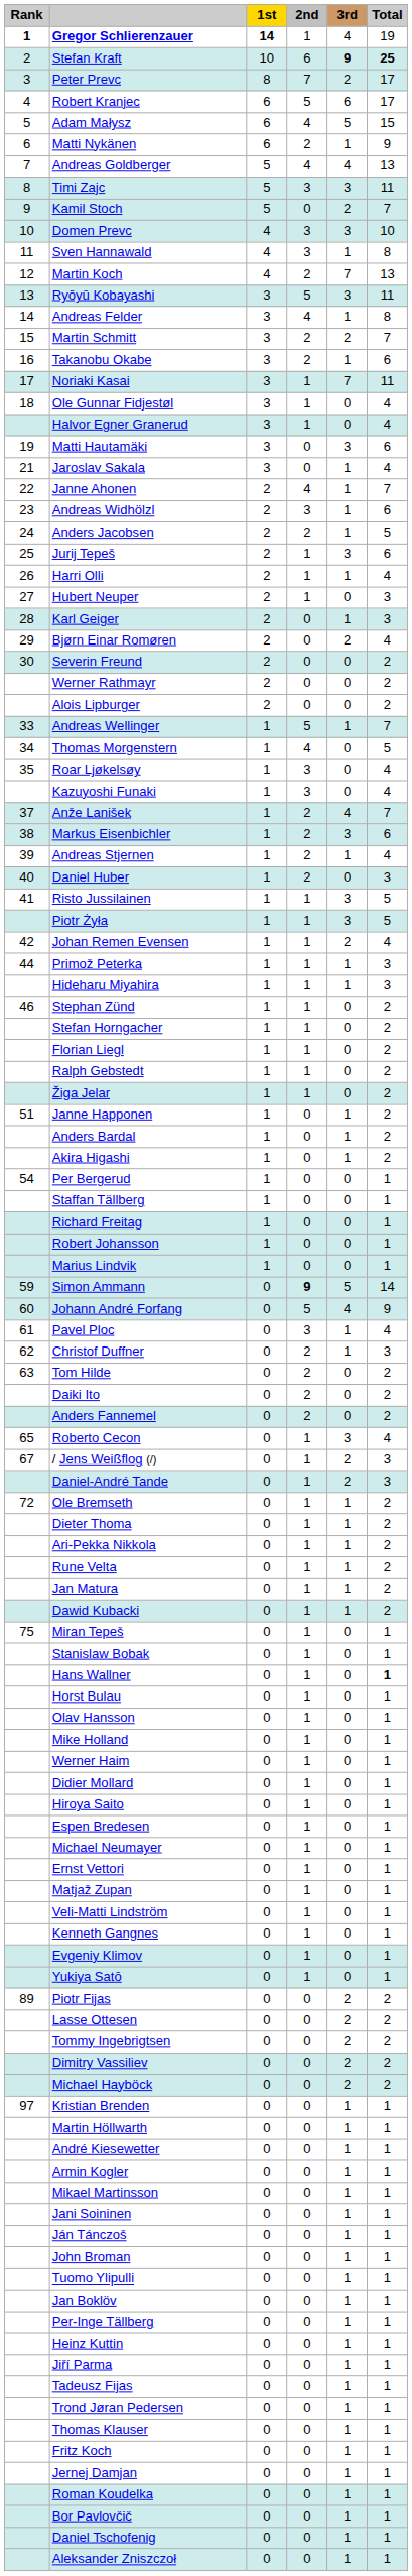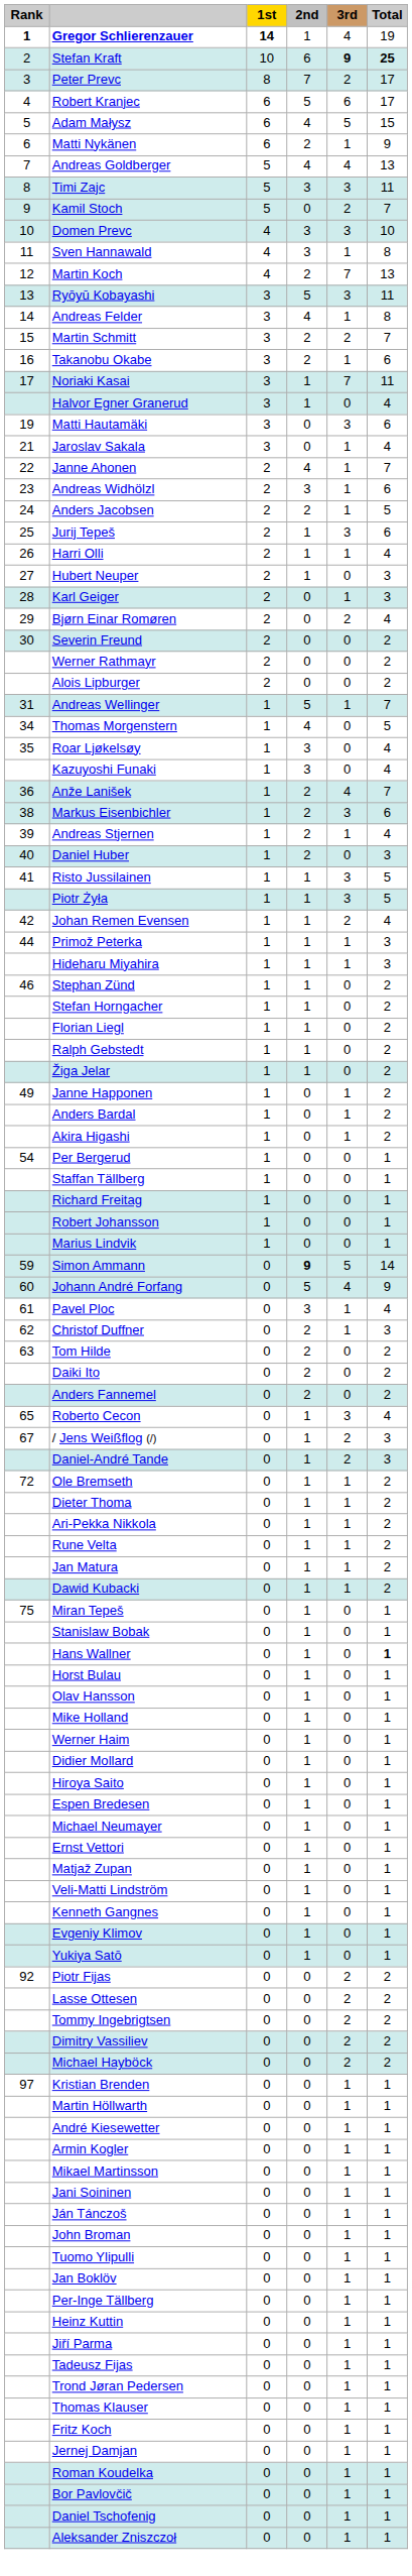 <table class="wikitable plainrowheaders" style="background:#fff; font-size:86%; line-height:16px; border:grey solid 1px; border-collapse:collapse;">
 <tr style="background:#ccc; text-align:center;">
 <th style="background:#ccc;" width="40">Rank</th>
 <th style="background:#ccc;" width="200"></th>
 <th style="background:gold; width:10%">1st</th>
 <th style="background:silver; width:10%">2nd</th>
 <th style="background:#cc9966; width:10%">3rd</th>
 <th style="background:#ccc;" width="35">Total</th>
 </tr>
 <tr style="text-align:center">
 <td><strong>1</strong></td>
 <td style="text-align:left"> <strong><a href='#'>Gregor Schlierenzauer</a></strong></td>
 <td><strong>14</strong></td>
 <td>1</td>
 <td>4</td>
 <td>19</td>
 </tr>
 <tr style="text-align:center; background:#CFECEC">
 <td>2</td>
 <td style="text-align:left"> <a href='#'>Stefan Kraft</a></td>
 <td>10</td>
 <td>6</td>
 <td><strong>9</strong></td>
 <td><strong>25</strong></td>
 </tr>
 <tr style="text-align:center; background:#CFECEC">
 <td>3</td>
 <td style="text-align:left"> <a href='#'>Peter Prevc</a></td>
 <td>8</td>
 <td>7</td>
 <td>2</td>
 <td>17</td>
 </tr>
 <tr style="text-align:center">
 <td>4</td>
 <td style="text-align:left"> <a href='#'>Robert Kranjec</a></td>
 <td>6</td>
 <td>5</td>
 <td>6</td>
 <td>17</td>
 </tr>
 <tr style="text-align:center">
 <td>5</td>
 <td style="text-align:left"> <a href='#'>Adam Małysz</a></td>
 <td>6</td>
 <td>4</td>
 <td>5</td>
 <td>15</td>
 </tr>
 <tr style="text-align:center">
 <td>6</td>
 <td style="text-align:left"> <a href='#'>Matti Nykänen</a></td>
 <td>6</td>
 <td>2</td>
 <td>1</td>
 <td>9</td>
 </tr>
 <tr style="text-align:center">
 <td>7</td>
 <td style="text-align:left"> <a href='#'>Andreas Goldberger</a></td>
 <td>5</td>
 <td>4</td>
 <td>4</td>
 <td>13</td>
 </tr>
 <tr style="text-align:center; background:#CFECEC">
 <td>8</td>
 <td style="text-align:left"> <a href='#'>Timi Zajc</a></td>
 <td>5</td>
 <td>3</td>
 <td>3</td>
 <td>11</td>
 </tr>
 <tr style="text-align:center; background:#CFECEC">
 <td>9</td>
 <td style="text-align:left"> <a href='#'>Kamil Stoch</a></td>
 <td>5</td>
 <td>0</td>
 <td>2</td>
 <td>7</td>
 </tr>
 <tr style="text-align:center; background:#CFECEC">
 <td>10</td>
 <td style="text-align:left"> <a href='#'>Domen Prevc</a></td>
 <td>4</td>
 <td>3</td>
 <td>3</td>
 <td>10</td>
 </tr>
 <tr style="text-align:center">
 <td>11</td>
 <td style="text-align:left"> <a href='#'>Sven Hannawald</a></td>
 <td>4</td>
 <td>3</td>
 <td>1</td>
 <td>8</td>
 </tr>
 <tr style="text-align:center">
 <td>12</td>
 <td style="text-align:left"> <a href='#'>Martin Koch</a></td>
 <td>4</td>
 <td>2</td>
 <td>7</td>
 <td>13</td>
 </tr>
 <tr style="text-align:center; background:#CFECEC">
 <td>13</td>
 <td style="text-align:left"> <a href='#'>Ryōyū Kobayashi</a></td>
 <td>3</td>
 <td>5</td>
 <td>3</td>
 <td>11</td>
 </tr>
 <tr style="text-align:center">
 <td>14</td>
 <td style="text-align:left"> <a href='#'>Andreas Felder</a></td>
 <td>3</td>
 <td>4</td>
 <td>1</td>
 <td>8</td>
 </tr>
 <tr style="text-align:center">
 <td>15</td>
 <td style="text-align:left"> <a href='#'>Martin Schmitt</a></td>
 <td>3</td>
 <td>2</td>
 <td>2</td>
 <td>7</td>
 </tr>
 <tr style="text-align:center">
 <td>16</td>
 <td style="text-align:left"> <a href='#'>Takanobu Okabe</a></td>
 <td>3</td>
 <td>2</td>
 <td>1</td>
 <td>6</td>
 </tr>
 <tr style="text-align:center; background:#CFECEC">
 <td>17</td>
 <td style="text-align:left"> <a href='#'>Noriaki Kasai</a></td>
 <td>3</td>
 <td>1</td>
 <td>7</td>
 <td>11</td>
 </tr>
-<tr style="text-align:center">
-<td>18</td>
-<td style="text-align:left"> <a href='#'>Ole Gunnar Fidjestøl</a></td>
-<td>3</td>
-<td>1</td>
-<td>0</td>
-<td>4</td>
-</tr>
 <tr style="text-align:center; background:#CFECEC">
 <td></td>
 <td style="text-align:left"> <a href='#'>Halvor Egner Granerud</a></td>
 <td>3</td>
 <td>1</td>
 <td>0</td>
 <td>4</td>
 </tr>
 <tr style="text-align:center">
 <td>19</td>
 <td style="text-align:left"> <a href='#'>Matti Hautamäki</a></td>
 <td>3</td>
 <td>0</td>
 <td>3</td>
 <td>6</td>
 </tr>
 <tr style="text-align:center">
 <td>21</td>
 <td style="text-align:left"> <a href='#'>Jaroslav Sakala</a></td>
 <td>3</td>
 <td>0</td>
 <td>1</td>
 <td>4</td>
 </tr>
 <tr style="text-align:center">
 <td>22</td>
 <td style="text-align:left"> <a href='#'>Janne Ahonen</a></td>
 <td>2</td>
 <td>4</td>
 <td>1</td>
 <td>7</td>
 </tr>
 <tr style="text-align:center">
 <td>23</td>
 <td style="text-align:left"> <a href='#'>Andreas Widhölzl</a></td>
 <td>2</td>
 <td>3</td>
 <td>1</td>
 <td>6</td>
 </tr>
 <tr style="text-align:center">
 <td>24</td>
 <td style="text-align:left"> <a href='#'>Anders Jacobsen</a></td>
 <td>2</td>
 <td>2</td>
 <td>1</td>
 <td>5</td>
 </tr>
 <tr style="text-align:center">
 <td>25</td>
 <td style="text-align:left"> <a href='#'>Jurij Tepeš</a></td>
 <td>2</td>
 <td>1</td>
 <td>3</td>
 <td>6</td>
 </tr>
 <tr style="text-align:center">
 <td>26</td>
 <td style="text-align:left"> <a href='#'>Harri Olli</a></td>
 <td>2</td>
 <td>1</td>
 <td>1</td>
 <td>4</td>
 </tr>
 <tr style="text-align:center">
 <td>27</td>
 <td style="text-align:left"> <a href='#'>Hubert Neuper</a></td>
 <td>2</td>
 <td>1</td>
 <td>0</td>
 <td>3</td>
 </tr>
 <tr style="text-align:center; background:#CFECEC">
 <td>28</td>
 <td style="text-align:left"> <a href='#'>Karl Geiger</a></td>
 <td>2</td>
 <td>0</td>
 <td>1</td>
 <td>3</td>
 </tr>
 <tr style="text-align:center">
 <td>29</td>
 <td style="text-align:left"> <a href='#'>Bjørn Einar Romøren</a></td>
 <td>2</td>
 <td>0</td>
 <td>2</td>
 <td>4</td>
 </tr>
 <tr style="text-align:center; background:#CFECEC">
 <td>30</td>
 <td style="text-align:left"> <a href='#'>Severin Freund</a></td>
 <td>2</td>
 <td>0</td>
 <td>0</td>
 <td>2</td>
 </tr>
 <tr style="text-align:center">
 <td></td>
 <td style="text-align:left"> <a href='#'>Werner Rathmayr</a></td>
 <td>2</td>
 <td>0</td>
 <td>0</td>
 <td>2</td>
 </tr>
 <tr style="text-align:center">
 <td></td>
 <td style="text-align:left"> <a href='#'>Alois Lipburger</a></td>
 <td>2</td>
 <td>0</td>
 <td>0</td>
 <td>2</td>
 </tr>
 <tr style="text-align:center; background:#CFECEC">
-<td>33</td>
+<td>31</td>
 <td style="text-align:left"> <a href='#'>Andreas Wellinger</a></td>
 <td>1</td>
 <td>5</td>
 <td>1</td>
 <td>7</td>
 </tr>
 <tr style="text-align:center">
 <td>34</td>
 <td style="text-align:left"> <a href='#'>Thomas Morgenstern</a></td>
 <td>1</td>
 <td>4</td>
 <td>0</td>
 <td>5</td>
 </tr>
 <tr style="text-align:center">
 <td>35</td>
 <td style="text-align:left"> <a href='#'>Roar Ljøkelsøy</a></td>
 <td>1</td>
 <td>3</td>
 <td>0</td>
 <td>4</td>
 </tr>
 <tr style="text-align:center">
 <td></td>
 <td style="text-align:left"> <a href='#'>Kazuyoshi Funaki</a></td>
 <td>1</td>
 <td>3</td>
 <td>0</td>
 <td>4</td>
 </tr>
 <tr style="text-align:center; background:#CFECEC">
-<td>37</td>
+<td>36</td>
 <td style="text-align:left"> <a href='#'>Anže Lanišek</a></td>
 <td>1</td>
 <td>2</td>
 <td>4</td>
 <td>7</td>
 </tr>
 <tr style="text-align:center; background:#CFECEC">
 <td>38</td>
 <td style="text-align:left"> <a href='#'>Markus Eisenbichler</a></td>
 <td>1</td>
 <td>2</td>
 <td>3</td>
 <td>6</td>
 </tr>
 <tr style="text-align:center">
 <td>39</td>
 <td style="text-align:left"> <a href='#'>Andreas Stjernen</a></td>
 <td>1</td>
 <td>2</td>
 <td>1</td>
 <td>4</td>
 </tr>
 <tr style="text-align:center; background:#CFECEC">
 <td>40</td>
 <td style="text-align:left"> <a href='#'>Daniel Huber</a></td>
 <td>1</td>
 <td>2</td>
 <td>0</td>
 <td>3</td>
 </tr>
 <tr style="text-align:center">
 <td>41</td>
 <td style="text-align:left"> <a href='#'>Risto Jussilainen</a></td>
 <td>1</td>
 <td>1</td>
 <td>3</td>
 <td>5</td>
 </tr>
 <tr style="text-align:center; background:#CFECEC">
 <td></td>
 <td style="text-align:left"> <a href='#'>Piotr Żyła</a></td>
 <td>1</td>
 <td>1</td>
 <td>3</td>
 <td>5</td>
 </tr>
 <tr style="text-align:center">
 <td>42</td>
 <td style="text-align:left"> <a href='#'>Johan Remen Evensen</a></td>
 <td>1</td>
 <td>1</td>
 <td>2</td>
 <td>4</td>
 </tr>
 <tr style="text-align:center">
 <td>44</td>
 <td style="text-align:left"> <a href='#'>Primož Peterka</a></td>
 <td>1</td>
 <td>1</td>
 <td>1</td>
 <td>3</td>
 </tr>
 <tr style="text-align:center">
 <td></td>
 <td style="text-align:left"> <a href='#'>Hideharu Miyahira</a></td>
 <td>1</td>
 <td>1</td>
 <td>1</td>
 <td>3</td>
 </tr>
 <tr style="text-align:center">
 <td>46</td>
 <td style="text-align:left"> <a href='#'>Stephan Zünd</a></td>
 <td>1</td>
 <td>1</td>
 <td>0</td>
 <td>2</td>
 </tr>
 <tr style="text-align:center">
 <td></td>
 <td style="text-align:left"> <a href='#'>Stefan Horngacher</a></td>
 <td>1</td>
 <td>1</td>
 <td>0</td>
 <td>2</td>
 </tr>
 <tr style="text-align:center">
 <td></td>
 <td style="text-align:left"> <a href='#'>Florian Liegl</a></td>
 <td>1</td>
 <td>1</td>
 <td>0</td>
 <td>2</td>
 </tr>
 <tr style="text-align:center">
 <td></td>
 <td style="text-align:left"> <a href='#'>Ralph Gebstedt</a></td>
 <td>1</td>
 <td>1</td>
 <td>0</td>
 <td>2</td>
 </tr>
 <tr style="text-align:center; background:#CFECEC">
 <td></td>
 <td style="text-align:left"> <a href='#'>Žiga Jelar</a></td>
 <td>1</td>
 <td>1</td>
 <td>0</td>
 <td>2</td>
 </tr>
 <tr style="text-align:center">
-<td>51</td>
+<td>49</td>
 <td style="text-align:left"> <a href='#'>Janne Happonen</a></td>
 <td>1</td>
 <td>0</td>
 <td>1</td>
 <td>2</td>
 </tr>
 <tr style="text-align:center">
 <td></td>
 <td style="text-align:left"> <a href='#'>Anders Bardal</a></td>
 <td>1</td>
 <td>0</td>
 <td>1</td>
 <td>2</td>
 </tr>
 <tr style="text-align:center">
 <td></td>
 <td style="text-align:left"> <a href='#'>Akira Higashi</a></td>
 <td>1</td>
 <td>0</td>
 <td>1</td>
 <td>2</td>
 </tr>
 <tr style="text-align:center">
 <td>54</td>
 <td style="text-align:left"> <a href='#'>Per Bergerud</a></td>
 <td>1</td>
 <td>0</td>
 <td>0</td>
 <td>1</td>
 </tr>
 <tr style="text-align:center">
 <td></td>
 <td style="text-align:left"> <a href='#'>Staffan Tällberg</a></td>
 <td>1</td>
 <td>0</td>
 <td>0</td>
 <td>1</td>
 </tr>
 <tr style="text-align:center; background:#CFECEC">
 <td></td>
 <td style="text-align:left"> <a href='#'>Richard Freitag</a></td>
 <td>1</td>
 <td>0</td>
 <td>0</td>
 <td>1</td>
 </tr>
 <tr style="text-align:center; background:#CFECEC">
 <td></td>
 <td style="text-align:left"> <a href='#'>Robert Johansson</a></td>
 <td>1</td>
 <td>0</td>
 <td>0</td>
 <td>1</td>
 </tr>
 <tr style="text-align:center; background:#CFECEC">
 <td></td>
 <td style="text-align:left"> <a href='#'>Marius Lindvik</a></td>
 <td>1</td>
 <td>0</td>
 <td>0</td>
 <td>1</td>
 </tr>
 <tr style="text-align:center; background:#CFECEC">
 <td>59</td>
 <td style="text-align:left"> <a href='#'>Simon Ammann</a></td>
 <td>0</td>
 <td><strong>9</strong></td>
 <td>5</td>
 <td>14</td>
 </tr>
 <tr style="text-align:center; background:#CFECEC">
 <td>60</td>
 <td style="text-align:left"> <a href='#'>Johann André Forfang</a></td>
 <td>0</td>
 <td>5</td>
 <td>4</td>
 <td>9</td>
 </tr>
 <tr style="text-align:center">
 <td>61</td>
 <td style="text-align:left"> <a href='#'>Pavel Ploc</a></td>
 <td>0</td>
 <td>3</td>
 <td>1</td>
 <td>4</td>
 </tr>
 <tr style="text-align:center">
 <td>62</td>
 <td style="text-align:left"> <a href='#'>Christof Duffner</a></td>
 <td>0</td>
 <td>2</td>
 <td>1</td>
 <td>3</td>
 </tr>
 <tr style="text-align:center">
 <td>63</td>
 <td style="text-align:left"> <a href='#'>Tom Hilde</a></td>
 <td>0</td>
 <td>2</td>
 <td>0</td>
 <td>2</td>
 </tr>
 <tr style="text-align:center;">
 <td></td>
 <td style="text-align:left"> <a href='#'>Daiki Ito</a></td>
 <td>0</td>
 <td>2</td>
 <td>0</td>
 <td>2</td>
 </tr>
 <tr style="text-align:center; background:#CFECEC">
 <td></td>
 <td style="text-align:left"> <a href='#'>Anders Fannemel</a></td>
 <td>0</td>
 <td>2</td>
 <td>0</td>
 <td>2</td>
 </tr>
 <tr style="text-align:center">
 <td>65</td>
 <td style="text-align:left"> <a href='#'>Roberto Cecon</a></td>
 <td>0</td>
 <td>1</td>
 <td>3</td>
 <td>4</td>
 </tr>
 <tr style="text-align:center">
 <td>67</td>
 <td style="text-align:left">/ <a href='#'>Jens Weißflog</a> <small>(/)</small></td>
 <td>0</td>
 <td>1</td>
 <td>2</td>
 <td>3</td>
 </tr>
 <tr style="text-align:center; background:#CFECEC">
 <td></td>
 <td style="text-align:left"> <a href='#'>Daniel-André Tande</a></td>
 <td>0</td>
 <td>1</td>
 <td>2</td>
 <td>3</td>
 </tr>
 <tr style="text-align:center">
 <td>72</td>
 <td style="text-align:left"> <a href='#'>Ole Bremseth</a></td>
 <td>0</td>
 <td>1</td>
 <td>1</td>
 <td>2</td>
 </tr>
 <tr style="text-align:center">
 <td></td>
 <td style="text-align:left"> <a href='#'>Dieter Thoma</a></td>
 <td>0</td>
 <td>1</td>
 <td>1</td>
 <td>2</td>
 </tr>
 <tr style="text-align:center">
 <td></td>
 <td style="text-align:left"> <a href='#'>Ari-Pekka Nikkola</a></td>
 <td>0</td>
 <td>1</td>
 <td>1</td>
 <td>2</td>
 </tr>
 <tr style="text-align:center">
 <td></td>
 <td style="text-align:left"> <a href='#'>Rune Velta</a></td>
 <td>0</td>
 <td>1</td>
 <td>1</td>
 <td>2</td>
 </tr>
 <tr style="text-align:center">
 <td></td>
 <td style="text-align:left"> <a href='#'>Jan Matura</a></td>
 <td>0</td>
 <td>1</td>
 <td>1</td>
 <td>2</td>
 </tr>
 <tr style="text-align:center; background:#CFECEC">
 <td></td>
 <td style="text-align:left"> <a href='#'>Dawid Kubacki</a></td>
 <td>0</td>
 <td>1</td>
 <td>1</td>
 <td>2</td>
 </tr>
 <tr style="text-align:center">
 <td>75</td>
 <td style="text-align:left"> <a href='#'>Miran Tepeš</a></td>
 <td>0</td>
 <td>1</td>
 <td>0</td>
 <td>1</td>
 </tr>
 <tr style="text-align:center">
 <td></td>
 <td style="text-align:left"> <a href='#'>Stanislaw Bobak</a></td>
 <td>0</td>
 <td>1</td>
 <td>0</td>
 <td>1</td>
 </tr>
 <tr style="text-align:center">
 <td></td>
 <td style="text-align:left"> <a href='#'>Hans Wallner</a></td>
 <td>0</td>
 <td>1</td>
 <td>0</td>
 <td><strong>1</strong></td>
 </tr>
 <tr style="text-align:center">
 <td></td>
 <td style="text-align:left"> <a href='#'>Horst Bulau</a></td>
 <td>0</td>
 <td>1</td>
 <td>0</td>
 <td>1</td>
 </tr>
 <tr style="text-align:center">
 <td></td>
 <td style="text-align:left"> <a href='#'>Olav Hansson</a></td>
 <td>0</td>
 <td>1</td>
 <td>0</td>
 <td>1</td>
 </tr>
 <tr style="text-align:center">
 <td></td>
 <td style="text-align:left"> <a href='#'>Mike Holland</a></td>
 <td>0</td>
 <td>1</td>
 <td>0</td>
 <td>1</td>
 </tr>
 <tr style="text-align:center">
 <td></td>
 <td style="text-align:left"> <a href='#'>Werner Haim</a></td>
 <td>0</td>
 <td>1</td>
 <td>0</td>
 <td>1</td>
 </tr>
 <tr style="text-align:center">
 <td></td>
 <td style="text-align:left"> <a href='#'>Didier Mollard</a></td>
 <td>0</td>
 <td>1</td>
 <td>0</td>
 <td>1</td>
 </tr>
 <tr style="text-align:center">
 <td></td>
 <td style="text-align:left"> <a href='#'>Hiroya Saito</a></td>
 <td>0</td>
 <td>1</td>
 <td>0</td>
 <td>1</td>
 </tr>
 <tr style="text-align:center">
 <td></td>
 <td style="text-align:left"> <a href='#'>Espen Bredesen</a></td>
 <td>0</td>
 <td>1</td>
 <td>0</td>
 <td>1</td>
 </tr>
 <tr style="text-align:center">
 <td></td>
 <td style="text-align:left"> <a href='#'>Michael Neumayer</a></td>
 <td>0</td>
 <td>1</td>
 <td>0</td>
 <td>1</td>
 </tr>
 <tr style="text-align:center">
 <td></td>
 <td style="text-align:left"> <a href='#'>Ernst Vettori</a></td>
 <td>0</td>
 <td>1</td>
 <td>0</td>
 <td>1</td>
 </tr>
 <tr style="text-align:center">
 <td></td>
 <td style="text-align:left"> <a href='#'>Matjaž Zupan</a></td>
 <td>0</td>
 <td>1</td>
 <td>0</td>
 <td>1</td>
 </tr>
 <tr style="text-align:center">
 <td></td>
 <td style="text-align:left"> <a href='#'>Veli-Matti Lindström</a></td>
 <td>0</td>
 <td>1</td>
 <td>0</td>
 <td>1</td>
 </tr>
 <tr style="text-align:center">
 <td></td>
 <td style="text-align:left"> <a href='#'>Kenneth Gangnes</a></td>
 <td>0</td>
 <td>1</td>
 <td>0</td>
 <td>1</td>
 </tr>
 <tr style="text-align:center; background:#CFECEC">
 <td></td>
 <td style="text-align:left"> <a href='#'>Evgeniy Klimov</a></td>
 <td>0</td>
 <td>1</td>
 <td>0</td>
 <td>1</td>
 </tr>
 <tr style="text-align:center; background:#CFECEC">
 <td></td>
 <td style="text-align:left"> <a href='#'>Yukiya Satō</a></td>
 <td>0</td>
 <td>1</td>
 <td>0</td>
 <td>1</td>
 </tr>
 <tr style="text-align:center">
-<td>89</td>
+<td>92</td>
 <td style="text-align:left"> <a href='#'>Piotr Fijas</a></td>
 <td>0</td>
 <td>0</td>
 <td>2</td>
 <td>2</td>
 </tr>
 <tr style="text-align:center">
 <td></td>
 <td style="text-align:left"> <a href='#'>Lasse Ottesen</a></td>
 <td>0</td>
 <td>0</td>
 <td>2</td>
 <td>2</td>
 </tr>
 <tr style="text-align:center">
 <td></td>
 <td style="text-align:left"> <a href='#'>Tommy Ingebrigtsen</a></td>
 <td>0</td>
 <td>0</td>
 <td>2</td>
 <td>2</td>
 </tr>
 <tr style="text-align:center; background:#CFECEC">
 <td></td>
 <td style="text-align:left"> <a href='#'>Dimitry Vassiliev</a></td>
 <td>0</td>
 <td>0</td>
 <td>2</td>
 <td>2</td>
 </tr>
 <tr style="text-align:center; background:#CFECEC">
 <td></td>
 <td style="text-align:left"> <a href='#'>Michael Hayböck</a></td>
 <td>0</td>
 <td>0</td>
 <td>2</td>
 <td>2</td>
 </tr>
 <tr style="text-align:center">
 <td>97</td>
 <td style="text-align:left"> <a href='#'>Kristian Brenden</a></td>
 <td>0</td>
 <td>0</td>
 <td>1</td>
 <td>1</td>
 </tr>
 <tr style="text-align:center">
 <td></td>
 <td style="text-align:left"> <a href='#'>Martin Höllwarth</a></td>
 <td>0</td>
 <td>0</td>
 <td>1</td>
 <td>1</td>
 </tr>
 <tr style="text-align:center">
 <td></td>
 <td style="text-align:left"> <a href='#'>André Kiesewetter</a></td>
 <td>0</td>
 <td>0</td>
 <td>1</td>
 <td>1</td>
 </tr>
 <tr style="text-align:center">
 <td></td>
 <td style="text-align:left"> <a href='#'>Armin Kogler</a></td>
 <td>0</td>
 <td>0</td>
 <td>1</td>
 <td>1</td>
 </tr>
 <tr style="text-align:center">
 <td></td>
 <td style="text-align:left"> <a href='#'>Mikael Martinsson</a></td>
 <td>0</td>
 <td>0</td>
 <td>1</td>
 <td>1</td>
 </tr>
 <tr style="text-align:center">
 <td></td>
 <td style="text-align:left"> <a href='#'>Jani Soininen</a></td>
 <td>0</td>
 <td>0</td>
 <td>1</td>
 <td>1</td>
 </tr>
 <tr style="text-align:center">
 <td></td>
 <td style="text-align:left"> <a href='#'>Ján Tánczoš</a></td>
 <td>0</td>
 <td>0</td>
 <td>1</td>
 <td>1</td>
 </tr>
 <tr style="text-align:center">
 <td></td>
 <td style="text-align:left"> <a href='#'>John Broman</a></td>
 <td>0</td>
 <td>0</td>
 <td>1</td>
 <td>1</td>
 </tr>
 <tr style="text-align:center">
 <td></td>
 <td style="text-align:left"> <a href='#'>Tuomo Ylipulli</a></td>
 <td>0</td>
 <td>0</td>
 <td>1</td>
 <td>1</td>
 </tr>
 <tr style="text-align:center">
 <td></td>
 <td style="text-align:left"> <a href='#'>Jan Boklöv</a></td>
 <td>0</td>
 <td>0</td>
 <td>1</td>
 <td>1</td>
 </tr>
 <tr style="text-align:center">
 <td></td>
 <td style="text-align:left"> <a href='#'>Per-Inge Tällberg</a></td>
 <td>0</td>
 <td>0</td>
 <td>1</td>
 <td>1</td>
 </tr>
 <tr style="text-align:center">
 <td></td>
 <td style="text-align:left"> <a href='#'>Heinz Kuttin</a></td>
 <td>0</td>
 <td>0</td>
 <td>1</td>
 <td>1</td>
 </tr>
 <tr style="text-align:center">
 <td></td>
 <td style="text-align:left"> <a href='#'>Jiří Parma</a></td>
 <td>0</td>
 <td>0</td>
 <td>1</td>
 <td>1</td>
 </tr>
 <tr style="text-align:center">
 <td></td>
 <td style="text-align:left"> <a href='#'>Tadeusz Fijas</a></td>
 <td>0</td>
 <td>0</td>
 <td>1</td>
 <td>1</td>
 </tr>
 <tr style="text-align:center">
 <td></td>
 <td style="text-align:left"> <a href='#'>Trond Jøran Pedersen</a></td>
 <td>0</td>
 <td>0</td>
 <td>1</td>
 <td>1</td>
 </tr>
 <tr style="text-align:center">
 <td></td>
 <td style="text-align:left"> <a href='#'>Thomas Klauser</a></td>
 <td>0</td>
 <td>0</td>
 <td>1</td>
 <td>1</td>
 </tr>
 <tr style="text-align:center">
 <td></td>
 <td style="text-align:left"> <a href='#'>Fritz Koch</a></td>
 <td>0</td>
 <td>0</td>
 <td>1</td>
 <td>1</td>
 </tr>
 <tr style="text-align:center">
 <td></td>
 <td style="text-align:left"> <a href='#'>Jernej Damjan</a></td>
 <td>0</td>
 <td>0</td>
 <td>1</td>
 <td>1</td>
 </tr>
 <tr style="text-align:center; background:#CFECEC">
 <td></td>
 <td style="text-align:left"> <a href='#'>Roman Koudelka</a></td>
 <td>0</td>
 <td>0</td>
 <td>1</td>
 <td>1</td>
 </tr>
 <tr style="text-align:center; background:#CFECEC">
 <td></td>
 <td style="text-align:left"> <a href='#'>Bor Pavlovčič</a></td>
 <td>0</td>
 <td>0</td>
 <td>1</td>
 <td>1</td>
 </tr>
 <tr style="text-align:center; background:#CFECEC">
 <td></td>
 <td style="text-align:left"> <a href='#'>Daniel Tschofenig</a></td>
 <td>0</td>
 <td>0</td>
 <td>1</td>
 <td>1</td>
 </tr>
 <tr style="text-align:center; background:#CFECEC">
 <td></td>
 <td style="text-align:left"> <a href='#'>Aleksander Zniszczoł</a></td>
 <td>0</td>
 <td>0</td>
 <td>1</td>
 <td>1</td>
 </tr>
 </table>
